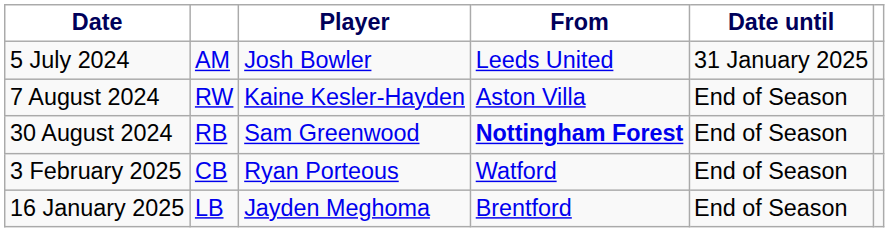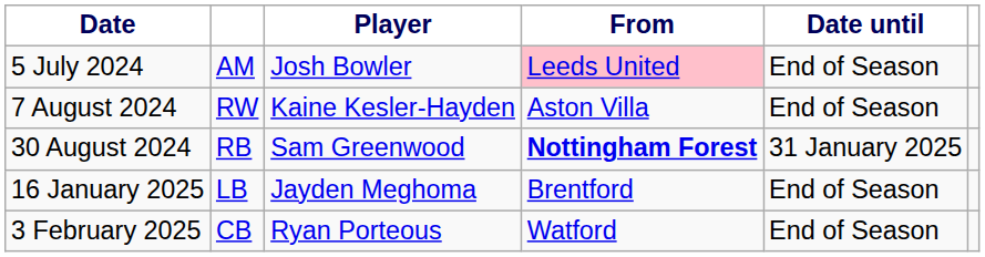 <table class="wikitable plainrowheaders sortable">
 <tr>
 <th style="background-color:#ffffff;color:#00005a; ">Date</th>
 <th style="background-color:#ffffff;color:#00005a; "></th>
 <th style="background-color:#ffffff;color:#00005a; ">Player</th>
 <th style="background-color:#ffffff;color:#00005a; ">From</th>
 <th style="background-color:#ffffff;color:#00005a; ">Date until</th>
 <th style="background-color:#ffffff;color:#00005a; "></th>
 </tr>
 <tr>
 <td>5 July 2024</td>
 <td><a href='#'>AM</a></td>
 <td> <a href='#'>Josh Bowler</a></td>
-<td> <a href='#'>Leeds United</a></td>
-<td>31 January 2025</td>
+<td style="background: pink;"> <a href='#'>Leeds United</a></td>
+<td>End of Season</td>
 <td></td>
 </tr>
 <tr>
 <td>7 August 2024</td>
 <td><a href='#'>RW</a></td>
 <td> <a href='#'>Kaine Kesler-Hayden</a></td>
 <td> <a href='#'>Aston Villa</a></td>
 <td>End of Season</td>
 <td></td>
 </tr>
 <tr>
 <td>30 August 2024</td>
 <td><a href='#'>RB</a></td>
 <td> <a href='#'>Sam Greenwood</a></td>
 <td><strong> <a href='#'>Nottingham Forest</a></strong></td>
+<td>31 January 2025</td>
+<td></td>
+</tr>
+<tr>
+<td>16 January 2025</td>
+<td><a href='#'>LB</a></td>
+<td> <a href='#'>Jayden Meghoma</a></td>
+<td> <a href='#'>Brentford</a></td>
 <td>End of Season</td>
 <td></td>
 </tr>
 <tr>
 <td>3 February 2025</td>
 <td><a href='#'>CB</a></td>
 <td> <a href='#'>Ryan Porteous</a></td>
 <td> <a href='#'>Watford</a></td>
 <td>End of Season</td>
 <td></td>
 </tr>
-<tr>
-<td>16 January 2025</td>
-<td><a href='#'>LB</a></td>
-<td> <a href='#'>Jayden Meghoma</a></td>
-<td> <a href='#'>Brentford</a></td>
-<td>End of Season</td>
-<td></td>
-</tr>
 </table>
